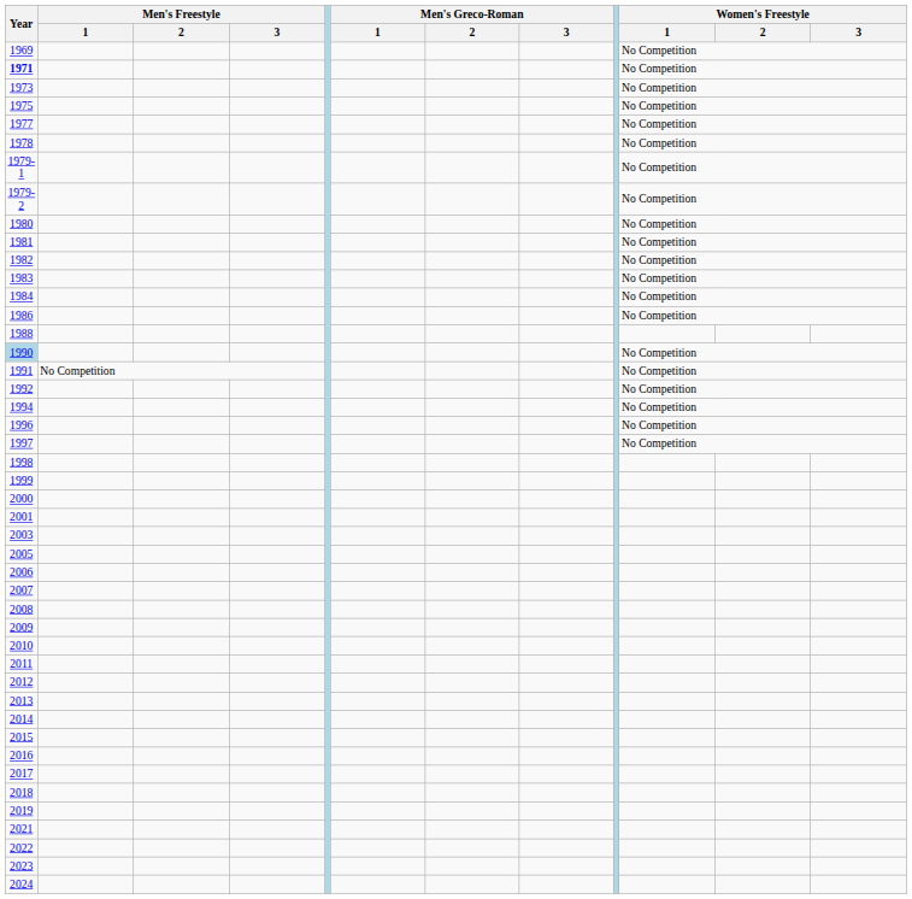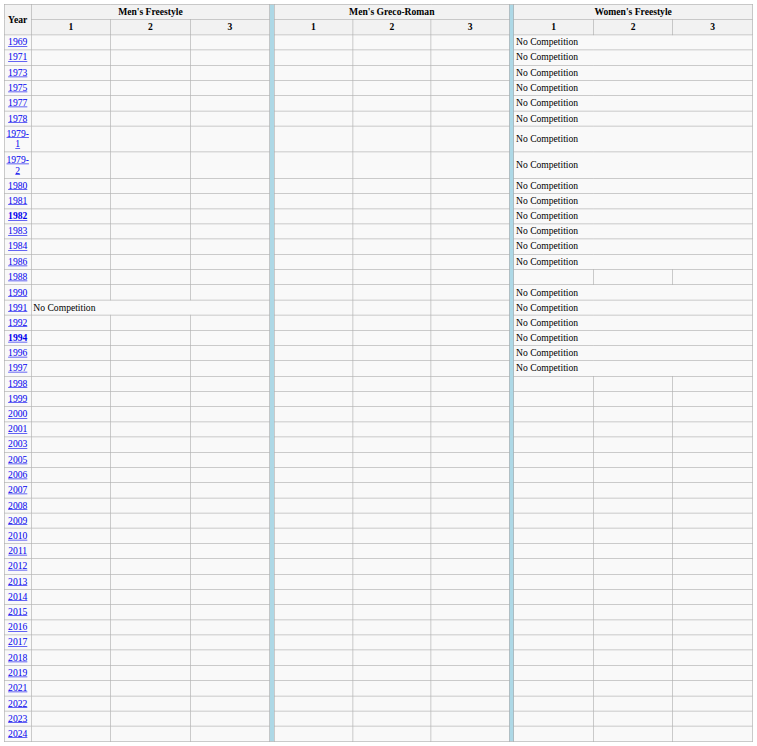 <table class="wikitable" style="text-align:left;" style="font-size:60%">
 <tr>
 <th rowspan=2 width=35>Year</th>
 <th colspan=3>Men's Freestyle</th>
 <td rowspan=47 bgcolor=lightblue></td>
 <th colspan=3>Men's Greco-Roman</th>
 <td rowspan=47 bgcolor=lightblue></td>
 <th colspan=3>Women's Freestyle</th>
 </tr>
 <tr>
 <th width=150>1</th>
 <th width=150>2</th>
 <th width=150>3</th>
 <th width=150>1</th>
 <th width=150>2</th>
 <th width=150>3</th>
 <th width=150>1</th>
 <th width=150>2</th>
 <th width=150>3</th>
 </tr>
 <tr>
 <td align=center><a href='#'>1969</a></td>
 <td><strong></strong></td>
 <td></td>
 <td></td>
 <td><strong></strong></td>
 <td></td>
 <td></td>
 <td colspan=3>No Competition</td>
 </tr>
 <tr>
-<td align=center><strong><a href='#'>1971</a></strong></td>
+<td align=center><a href='#'>1971</a></td>
 <td><strong></strong></td>
 <td></td>
 <td></td>
 <td><strong></strong></td>
 <td></td>
 <td></td>
 <td colspan=3>No Competition</td>
 </tr>
 <tr>
 <td align=center><a href='#'>1973</a></td>
 <td><strong></strong></td>
 <td></td>
 <td></td>
 <td><strong></strong></td>
 <td></td>
 <td></td>
 <td colspan=3>No Competition</td>
 </tr>
 <tr>
 <td align=center><a href='#'>1975</a></td>
 <td><strong></strong></td>
 <td></td>
 <td></td>
 <td><strong></strong></td>
 <td></td>
 <td></td>
 <td colspan=3>No Competition</td>
 </tr>
 <tr>
 <td align=center><a href='#'>1977</a></td>
 <td><strong></strong></td>
 <td></td>
 <td></td>
 <td><strong></strong></td>
 <td></td>
 <td></td>
 <td colspan=3>No Competition</td>
 </tr>
 <tr>
 <td align=center><a href='#'>1978</a></td>
 <td><strong></strong></td>
 <td></td>
 <td></td>
 <td><strong></strong></td>
 <td></td>
 <td></td>
 <td colspan=3>No Competition</td>
 </tr>
 <tr>
 <td align=center><a href='#'>1979-1</a></td>
 <td><strong></strong></td>
 <td></td>
 <td></td>
 <td><strong></strong></td>
 <td></td>
 <td></td>
 <td colspan=3>No Competition</td>
 </tr>
 <tr>
 <td align=center><a href='#'>1979-2</a></td>
 <td><strong></strong></td>
 <td></td>
 <td></td>
 <td><strong></strong></td>
 <td></td>
 <td></td>
 <td colspan=3>No Competition</td>
 </tr>
 <tr>
 <td align=center><a href='#'>1980</a></td>
 <td><strong></strong></td>
 <td></td>
 <td></td>
 <td><strong></strong></td>
 <td></td>
 <td></td>
 <td colspan=3>No Competition</td>
 </tr>
 <tr>
 <td align=center><a href='#'>1981</a></td>
 <td><strong></strong></td>
 <td></td>
 <td></td>
 <td><strong></strong></td>
 <td></td>
 <td></td>
 <td colspan=3>No Competition</td>
 </tr>
 <tr>
-<td align=center><a href='#'>1982</a></td>
+<td align=center><strong><a href='#'>1982</a></strong></td>
 <td><strong></strong></td>
 <td></td>
 <td></td>
 <td><strong></strong></td>
 <td></td>
 <td></td>
 <td colspan=3>No Competition</td>
 </tr>
 <tr>
 <td align=center><a href='#'>1983</a></td>
 <td><strong></strong></td>
 <td></td>
 <td></td>
 <td><strong></strong></td>
 <td></td>
 <td></td>
 <td colspan=3>No Competition</td>
 </tr>
 <tr>
 <td align=center><a href='#'>1984</a></td>
 <td><strong></strong></td>
 <td></td>
 <td></td>
 <td><strong></strong></td>
 <td></td>
 <td></td>
 <td colspan=3>No Competition</td>
 </tr>
 <tr>
 <td align=center><a href='#'>1986</a></td>
 <td><strong></strong></td>
 <td></td>
 <td></td>
 <td><strong></strong></td>
 <td></td>
 <td></td>
 <td colspan=3>No Competition</td>
 </tr>
 <tr>
 <td align=center><a href='#'>1988</a></td>
 <td><strong></strong></td>
 <td></td>
 <td></td>
 <td><strong></strong></td>
 <td></td>
 <td></td>
 <td><strong></strong></td>
 <td></td>
 <td></td>
 </tr>
 <tr>
-<td align=center style="background: lightblue;"><a href='#'>1990</a></td>
+<td align=center><a href='#'>1990</a></td>
 <td><strong></strong></td>
 <td></td>
 <td></td>
 <td><strong></strong></td>
 <td></td>
 <td></td>
 <td colspan=3>No Competition</td>
 </tr>
 <tr>
 <td align=center><a href='#'>1991</a></td>
 <td colspan=3>No Competition</td>
 <td><strong></strong></td>
 <td></td>
 <td></td>
 <td colspan=3>No Competition</td>
 </tr>
 <tr>
 <td align=center><a href='#'>1992</a></td>
 <td><strong></strong></td>
 <td></td>
 <td></td>
 <td><strong></strong></td>
 <td></td>
 <td></td>
 <td colspan=3>No Competition</td>
 </tr>
 <tr>
-<td align=center><a href='#'>1994</a></td>
+<td align=center><strong><a href='#'>1994</a></strong></td>
 <td><strong></strong></td>
 <td></td>
 <td></td>
 <td><strong></strong></td>
 <td></td>
 <td></td>
 <td colspan=3>No Competition</td>
 </tr>
 <tr>
 <td align=center><a href='#'>1996</a></td>
 <td><strong></strong></td>
 <td></td>
 <td></td>
 <td><strong></strong></td>
 <td></td>
 <td></td>
 <td colspan=3>No Competition</td>
 </tr>
 <tr>
 <td align=center><a href='#'>1997</a></td>
 <td><strong></strong></td>
 <td></td>
 <td></td>
 <td><strong></strong></td>
 <td></td>
 <td></td>
 <td colspan=3>No Competition</td>
 </tr>
 <tr>
 <td align=center><a href='#'>1998</a></td>
 <td><strong></strong></td>
 <td></td>
 <td></td>
 <td><strong></strong></td>
 <td></td>
 <td></td>
 <td><strong></strong></td>
 <td></td>
 <td></td>
 </tr>
 <tr>
 <td align=center><a href='#'>1999</a></td>
 <td><strong></strong></td>
 <td></td>
 <td></td>
 <td><strong></strong></td>
 <td></td>
 <td></td>
 <td><strong></strong></td>
 <td></td>
 <td></td>
 </tr>
 <tr>
 <td align=center><a href='#'>2000</a></td>
 <td><strong></strong></td>
 <td></td>
 <td></td>
 <td><strong></strong></td>
 <td></td>
 <td></td>
 <td><strong></strong></td>
 <td></td>
 <td></td>
 </tr>
 <tr>
 <td align=center><a href='#'>2001</a></td>
 <td><strong></strong></td>
 <td></td>
 <td></td>
 <td><strong></strong></td>
 <td></td>
 <td></td>
 <td><strong></strong></td>
 <td></td>
 <td></td>
 </tr>
 <tr>
 <td align=center><a href='#'>2003</a></td>
 <td><strong></strong></td>
 <td></td>
 <td></td>
 <td><strong></strong></td>
 <td></td>
 <td></td>
 <td><strong></strong></td>
 <td></td>
 <td></td>
 </tr>
 <tr>
 <td align=center><a href='#'>2005</a></td>
 <td><strong></strong></td>
 <td></td>
 <td></td>
 <td><strong></strong></td>
 <td></td>
 <td></td>
 <td><strong></strong></td>
 <td></td>
 <td></td>
 </tr>
 <tr>
 <td align=center><a href='#'>2006</a></td>
 <td><strong></strong></td>
 <td></td>
 <td></td>
 <td><strong></strong></td>
 <td></td>
 <td></td>
 <td><strong></strong></td>
 <td></td>
 <td></td>
 </tr>
 <tr>
 <td align=center><a href='#'>2007</a></td>
 <td><strong></strong></td>
 <td></td>
 <td></td>
 <td><strong></strong></td>
 <td></td>
 <td></td>
 <td><strong></strong></td>
 <td></td>
 <td></td>
 </tr>
 <tr>
 <td align=center><a href='#'>2008</a></td>
 <td><strong></strong></td>
 <td></td>
 <td></td>
 <td><strong></strong></td>
 <td></td>
 <td></td>
 <td><strong></strong></td>
 <td></td>
 <td></td>
 </tr>
 <tr>
 <td align=center><a href='#'>2009</a></td>
 <td><strong></strong></td>
 <td></td>
 <td></td>
 <td><strong></strong></td>
 <td></td>
 <td></td>
 <td><strong></strong></td>
 <td></td>
 <td></td>
 </tr>
 <tr>
 <td align=center><a href='#'>2010</a></td>
 <td><strong></strong></td>
 <td></td>
 <td></td>
 <td><strong></strong></td>
 <td></td>
 <td></td>
 <td><strong></strong></td>
 <td></td>
 <td></td>
 </tr>
 <tr>
 <td align=center><a href='#'>2011</a></td>
 <td><strong></strong></td>
 <td></td>
 <td></td>
 <td><strong></strong></td>
 <td></td>
 <td></td>
 <td><strong></strong></td>
 <td></td>
 <td></td>
 </tr>
 <tr>
 <td align=center><a href='#'>2012</a></td>
 <td><strong></strong></td>
 <td></td>
 <td></td>
 <td><strong></strong></td>
 <td></td>
 <td></td>
 <td><strong></strong></td>
 <td></td>
 <td></td>
 </tr>
 <tr>
 <td align=center><a href='#'>2013</a></td>
 <td><strong></strong></td>
 <td></td>
 <td></td>
 <td><strong></strong></td>
 <td></td>
 <td></td>
 <td><strong></strong></td>
 <td></td>
 <td></td>
 </tr>
 <tr>
 <td align=center><a href='#'>2014</a></td>
 <td><strong></strong></td>
 <td></td>
 <td></td>
 <td><strong></strong></td>
 <td></td>
 <td></td>
 <td><strong></strong></td>
 <td></td>
 <td></td>
 </tr>
 <tr>
 <td align=center><a href='#'>2015</a></td>
 <td><strong></strong></td>
 <td></td>
 <td></td>
 <td><strong></strong></td>
 <td></td>
 <td></td>
 <td><strong></strong></td>
 <td></td>
 <td></td>
 </tr>
 <tr>
 <td align=center><a href='#'>2016</a></td>
 <td><strong></strong></td>
 <td></td>
 <td></td>
 <td><strong></strong></td>
 <td></td>
 <td></td>
 <td><strong></strong></td>
 <td></td>
 <td></td>
 </tr>
 <tr>
 <td align=center><a href='#'>2017</a></td>
 <td><strong></strong></td>
 <td></td>
 <td></td>
 <td><strong></strong></td>
 <td></td>
 <td></td>
 <td><strong></strong></td>
 <td></td>
 <td></td>
 </tr>
 <tr>
 <td align=center><a href='#'>2018</a></td>
 <td><strong></strong></td>
 <td></td>
 <td></td>
 <td><strong></strong></td>
 <td></td>
 <td></td>
 <td><strong></strong></td>
 <td></td>
 <td></td>
 </tr>
 <tr>
 <td align=center><a href='#'>2019</a></td>
 <td><strong></strong></td>
 <td></td>
 <td></td>
 <td><strong></strong></td>
 <td></td>
 <td></td>
 <td><strong></strong></td>
 <td></td>
 <td></td>
 </tr>
 <tr>
 <td align=center><a href='#'>2021</a></td>
 <td><strong></strong></td>
 <td></td>
 <td></td>
 <td><strong></strong></td>
 <td></td>
 <td></td>
 <td><strong></strong></td>
 <td></td>
 <td></td>
 </tr>
 <tr>
 <td align=center><a href='#'>2022</a></td>
 <td><strong></strong></td>
 <td></td>
 <td></td>
 <td><strong></strong></td>
 <td></td>
 <td></td>
 <td><strong></strong></td>
 <td></td>
 <td></td>
 </tr>
 <tr>
 <td align=center><a href='#'>2023</a></td>
 <td><strong></strong></td>
 <td></td>
 <td></td>
 <td><strong></strong></td>
 <td></td>
 <td></td>
 <td><strong></strong></td>
 <td></td>
 <td></td>
 </tr>
 <tr>
 <td align=center><a href='#'>2024</a></td>
 <td><strong></strong></td>
 <td></td>
 <td></td>
 <td><strong></strong></td>
 <td></td>
 <td></td>
 <td><strong></strong></td>
 <td></td>
 <td></td>
 </tr>
 </table>
